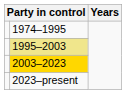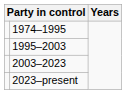 <table class="wikitable">
 <tr>
 <th colspan=2>Party in control</th>
 <th>Years</th>
 </tr>
 <tr>
 <td></td>
 <td>1974–1995</td>
 </tr>
 <tr>
 <td></td>
-<td style="background: khaki;">1995–2003</td>
+<td>1995–2003</td>
 </tr>
 <tr>
 <td></td>
-<td style="background: gold;">2003–2023</td>
+<td>2003–2023</td>
 </tr>
 <tr>
 <td></td>
 <td>2023–present</td>
 </tr>
 </table>
